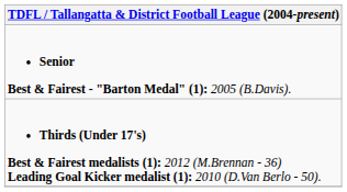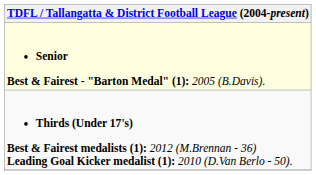 <table class="wikitable collapsible collapsed">
 <tr>
 <th><strong><a href='#'>TDFL / Tallangatta & District Football League</a> (2004-<em>present</em>)</strong></th>
 </tr>
 <tr>
-<td><br><ul><li><strong>Senior</strong></li></ul><strong>Best & Fairest - "Barton Medal" (1):</strong> <em>2005 (B.Davis).</em></td>
+<td style="background: lightyellow;"><br><ul><li><strong>Senior</strong></li></ul><strong>Best & Fairest - "Barton Medal" (1):</strong> <em>2005 (B.Davis).</em></td>
 </tr>
 <tr>
 <td><br><ul><li><strong>Thirds (Under 17's)</strong></li></ul><strong>Best & Fairest medalists (1):</strong> <em>2012 (M.Brennan - 36)</em><br><strong>Leading Goal Kicker medalist (1):</strong> <em>2010 (D.Van Berlo - 50).</em></td>
 </tr>
 <tr>
 </tr>
 </table>
